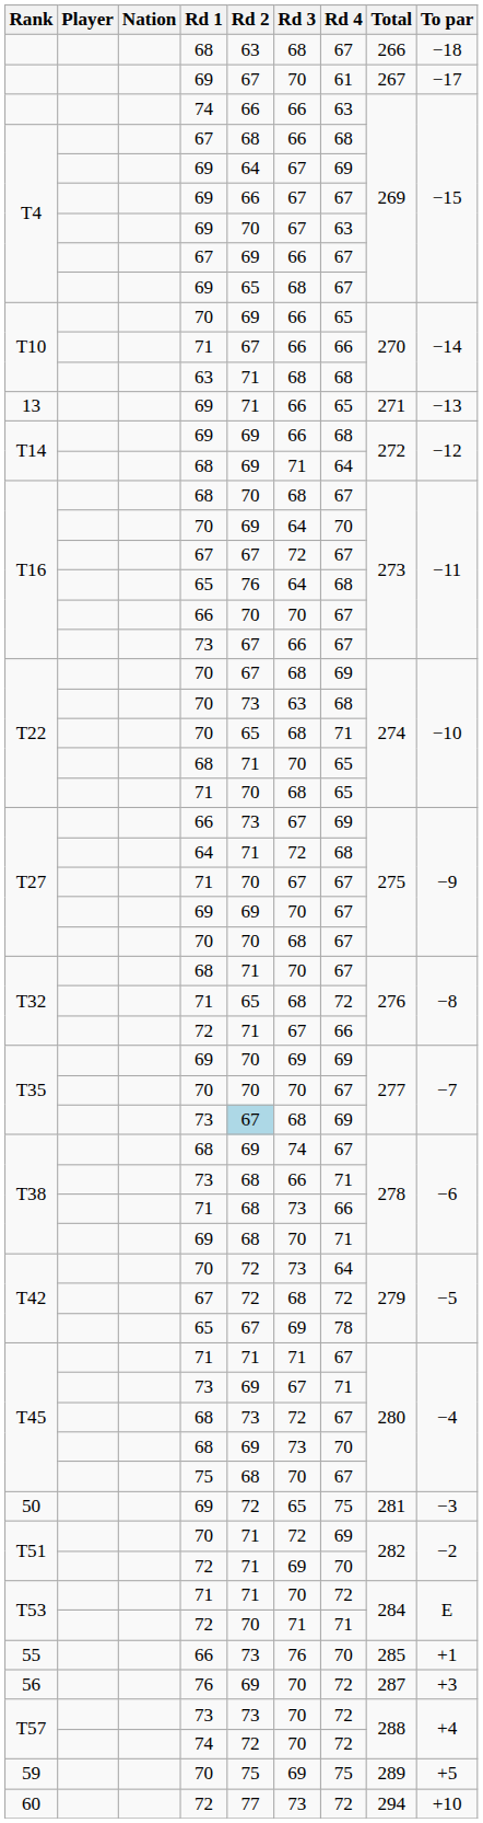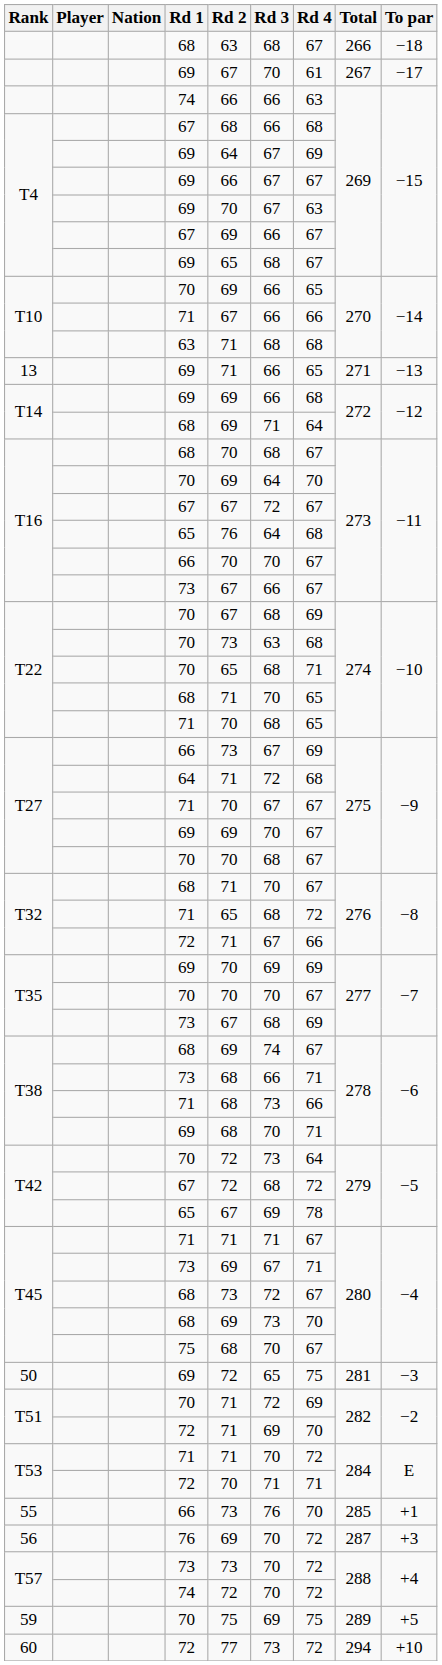 <table class="wikitable sortable" style="text-align:center">
 <tr>
 <th class=unsortable>Rank</th>
 <th>Player</th>
 <th>Nation</th>
 <th>Rd 1</th>
 <th>Rd 2</th>
 <th>Rd 3</th>
 <th>Rd 4</th>
 <th>Total</th>
 <th class=unsortable>To par</th>
 </tr>
 <tr>
 <td></td>
 <td align=left></td>
 <td align=left></td>
 <td>68</td>
 <td>63</td>
 <td>68</td>
 <td>67</td>
 <td>266</td>
 <td>−18</td>
 </tr>
 <tr>
 <td></td>
 <td align=left></td>
 <td align=left></td>
 <td>69</td>
 <td>67</td>
 <td>70</td>
 <td>61</td>
 <td>267</td>
 <td>−17</td>
 </tr>
 <tr>
 <td></td>
 <td align=left></td>
 <td align=left></td>
 <td>74</td>
 <td>66</td>
 <td>66</td>
 <td>63</td>
 <td rowspan=7>269</td>
 <td rowspan=7>−15</td>
 </tr>
 <tr>
 <td rowspan=6>T4</td>
 <td align=left></td>
 <td align=left></td>
 <td>67</td>
 <td>68</td>
 <td>66</td>
 <td>68</td>
 </tr>
 <tr>
 <td align=left></td>
 <td align=left></td>
 <td>69</td>
 <td>64</td>
 <td>67</td>
 <td>69</td>
 </tr>
 <tr>
 <td align=left></td>
 <td align=left></td>
 <td>69</td>
 <td>66</td>
 <td>67</td>
 <td>67</td>
 </tr>
 <tr>
 <td align=left></td>
 <td align=left></td>
 <td>69</td>
 <td>70</td>
 <td>67</td>
 <td>63</td>
 </tr>
 <tr>
 <td align=left></td>
 <td align=left></td>
 <td>67</td>
 <td>69</td>
 <td>66</td>
 <td>67</td>
 </tr>
 <tr>
 <td align=left></td>
 <td align=left></td>
 <td>69</td>
 <td>65</td>
 <td>68</td>
 <td>67</td>
 </tr>
 <tr>
 <td rowspan=3>T10</td>
 <td align=left></td>
 <td align=left></td>
 <td>70</td>
 <td>69</td>
 <td>66</td>
 <td>65</td>
 <td rowspan=3>270</td>
 <td rowspan=3>−14</td>
 </tr>
 <tr>
 <td align=left></td>
 <td align=left></td>
 <td>71</td>
 <td>67</td>
 <td>66</td>
 <td>66</td>
 </tr>
 <tr>
 <td align=left></td>
 <td align=left></td>
 <td>63</td>
 <td>71</td>
 <td>68</td>
 <td>68</td>
 </tr>
 <tr>
 <td>13</td>
 <td align=left></td>
 <td align=left></td>
 <td>69</td>
 <td>71</td>
 <td>66</td>
 <td>65</td>
 <td>271</td>
 <td>−13</td>
 </tr>
 <tr>
 <td rowspan=2>T14</td>
 <td align=left></td>
 <td align=left></td>
 <td>69</td>
 <td>69</td>
 <td>66</td>
 <td>68</td>
 <td rowspan=2>272</td>
 <td rowspan=2>−12</td>
 </tr>
 <tr>
 <td align=left></td>
 <td align=left></td>
 <td>68</td>
 <td>69</td>
 <td>71</td>
 <td>64</td>
 </tr>
 <tr>
 <td rowspan=6>T16</td>
 <td align=left></td>
 <td align=left></td>
 <td>68</td>
 <td>70</td>
 <td>68</td>
 <td>67</td>
 <td rowspan=6>273</td>
 <td rowspan=6>−11</td>
 </tr>
 <tr>
 <td align=left></td>
 <td align=left></td>
 <td>70</td>
 <td>69</td>
 <td>64</td>
 <td>70</td>
 </tr>
 <tr>
 <td align=left></td>
 <td align=left></td>
 <td>67</td>
 <td>67</td>
 <td>72</td>
 <td>67</td>
 </tr>
 <tr>
 <td align=left></td>
 <td align=left></td>
 <td>65</td>
 <td>76</td>
 <td>64</td>
 <td>68</td>
 </tr>
 <tr>
 <td align=left></td>
 <td align=left></td>
 <td>66</td>
 <td>70</td>
 <td>70</td>
 <td>67</td>
 </tr>
 <tr>
 <td align=left></td>
 <td align=left></td>
 <td>73</td>
 <td>67</td>
 <td>66</td>
 <td>67</td>
 </tr>
 <tr>
 <td rowspan=5>T22</td>
 <td align=left></td>
 <td align=left></td>
 <td>70</td>
 <td>67</td>
 <td>68</td>
 <td>69</td>
 <td rowspan=5>274</td>
 <td rowspan=5>−10</td>
 </tr>
 <tr>
 <td align=left></td>
 <td align=left></td>
 <td>70</td>
 <td>73</td>
 <td>63</td>
 <td>68</td>
 </tr>
 <tr>
 <td align=left></td>
 <td align=left></td>
 <td>70</td>
 <td>65</td>
 <td>68</td>
 <td>71</td>
 </tr>
 <tr>
 <td align=left></td>
 <td align=left></td>
 <td>68</td>
 <td>71</td>
 <td>70</td>
 <td>65</td>
 </tr>
 <tr>
 <td align=left></td>
 <td align=left></td>
 <td>71</td>
 <td>70</td>
 <td>68</td>
 <td>65</td>
 </tr>
 <tr>
 <td rowspan=5>T27</td>
 <td align=left></td>
 <td align=left></td>
 <td>66</td>
 <td>73</td>
 <td>67</td>
 <td>69</td>
 <td rowspan=5>275</td>
 <td rowspan=5>−9</td>
 </tr>
 <tr>
 <td align=left></td>
 <td align=left></td>
 <td>64</td>
 <td>71</td>
 <td>72</td>
 <td>68</td>
 </tr>
 <tr>
 <td align=left></td>
 <td align=left></td>
 <td>71</td>
 <td>70</td>
 <td>67</td>
 <td>67</td>
 </tr>
 <tr>
 <td align=left></td>
 <td align=left></td>
 <td>69</td>
 <td>69</td>
 <td>70</td>
 <td>67</td>
 </tr>
 <tr>
 <td align=left></td>
 <td align=left></td>
 <td>70</td>
 <td>70</td>
 <td>68</td>
 <td>67</td>
 </tr>
 <tr>
 <td rowspan=3>T32</td>
 <td align=left></td>
 <td align=left></td>
 <td>68</td>
 <td>71</td>
 <td>70</td>
 <td>67</td>
 <td rowspan=3>276</td>
 <td rowspan=3>−8</td>
 </tr>
 <tr>
 <td align=left></td>
 <td align=left></td>
 <td>71</td>
 <td>65</td>
 <td>68</td>
 <td>72</td>
 </tr>
 <tr>
 <td align=left></td>
 <td align=left></td>
 <td>72</td>
 <td>71</td>
 <td>67</td>
 <td>66</td>
 </tr>
 <tr>
 <td rowspan=3>T35</td>
 <td align=left></td>
 <td align=left></td>
 <td>69</td>
 <td>70</td>
 <td>69</td>
 <td>69</td>
 <td rowspan=3>277</td>
 <td rowspan=3>−7</td>
 </tr>
 <tr>
 <td align=left></td>
 <td align=left></td>
 <td>70</td>
 <td>70</td>
 <td>70</td>
 <td>67</td>
 </tr>
 <tr>
 <td align=left></td>
 <td align=left></td>
 <td>73</td>
-<td style="background: lightblue;">67</td>
+<td>67</td>
 <td>68</td>
 <td>69</td>
 </tr>
 <tr>
 <td rowspan=4>T38</td>
 <td align=left></td>
 <td align=left></td>
 <td>68</td>
 <td>69</td>
 <td>74</td>
 <td>67</td>
 <td rowspan=4>278</td>
 <td rowspan=4>−6</td>
 </tr>
 <tr>
 <td align=left></td>
 <td align=left></td>
 <td>73</td>
 <td>68</td>
 <td>66</td>
 <td>71</td>
 </tr>
 <tr>
 <td align=left></td>
 <td align=left></td>
 <td>71</td>
 <td>68</td>
 <td>73</td>
 <td>66</td>
 </tr>
 <tr>
 <td align=left></td>
 <td align=left></td>
 <td>69</td>
 <td>68</td>
 <td>70</td>
 <td>71</td>
 </tr>
 <tr>
 <td rowspan=3>T42</td>
 <td align=left></td>
 <td align=left></td>
 <td>70</td>
 <td>72</td>
 <td>73</td>
 <td>64</td>
 <td rowspan=3>279</td>
 <td rowspan=3>−5</td>
 </tr>
 <tr>
 <td align=left></td>
 <td align=left></td>
 <td>67</td>
 <td>72</td>
 <td>68</td>
 <td>72</td>
 </tr>
 <tr>
 <td align=left></td>
 <td align=left></td>
 <td>65</td>
 <td>67</td>
 <td>69</td>
 <td>78</td>
 </tr>
 <tr>
 <td rowspan=5>T45</td>
 <td align=left></td>
 <td align=left></td>
 <td>71</td>
 <td>71</td>
 <td>71</td>
 <td>67</td>
 <td rowspan=5>280</td>
 <td rowspan=5>−4</td>
 </tr>
 <tr>
 <td align=left></td>
 <td align=left></td>
 <td>73</td>
 <td>69</td>
 <td>67</td>
 <td>71</td>
 </tr>
 <tr>
 <td align=left></td>
 <td align=left></td>
 <td>68</td>
 <td>73</td>
 <td>72</td>
 <td>67</td>
 </tr>
 <tr>
 <td align=left></td>
 <td align=left></td>
 <td>68</td>
 <td>69</td>
 <td>73</td>
 <td>70</td>
 </tr>
 <tr>
 <td align=left></td>
 <td align=left></td>
 <td>75</td>
 <td>68</td>
 <td>70</td>
 <td>67</td>
 </tr>
 <tr>
 <td>50</td>
 <td align=left></td>
 <td align=left></td>
 <td>69</td>
 <td>72</td>
 <td>65</td>
 <td>75</td>
 <td>281</td>
 <td>−3</td>
 </tr>
 <tr>
 <td rowspan=2>T51</td>
 <td align=left></td>
 <td align=left></td>
 <td>70</td>
 <td>71</td>
 <td>72</td>
 <td>69</td>
 <td rowspan=2>282</td>
 <td rowspan=2>−2</td>
 </tr>
 <tr>
 <td align=left></td>
 <td align=left></td>
 <td>72</td>
 <td>71</td>
 <td>69</td>
 <td>70</td>
 </tr>
 <tr>
 <td rowspan=2>T53</td>
 <td align=left></td>
 <td align=left></td>
 <td>71</td>
 <td>71</td>
 <td>70</td>
 <td>72</td>
 <td rowspan=2>284</td>
 <td rowspan=2>E</td>
 </tr>
 <tr>
 <td align=left></td>
 <td align=left></td>
 <td>72</td>
 <td>70</td>
 <td>71</td>
 <td>71</td>
 </tr>
 <tr>
 <td>55</td>
 <td align=left></td>
 <td align=left></td>
 <td>66</td>
 <td>73</td>
 <td>76</td>
 <td>70</td>
 <td>285</td>
 <td>+1</td>
 </tr>
 <tr>
 <td>56</td>
 <td align=left></td>
 <td align=left></td>
 <td>76</td>
 <td>69</td>
 <td>70</td>
 <td>72</td>
 <td>287</td>
 <td>+3</td>
 </tr>
 <tr>
 <td rowspan=2>T57</td>
 <td align=left></td>
 <td align=left></td>
 <td>73</td>
 <td>73</td>
 <td>70</td>
 <td>72</td>
 <td rowspan=2>288</td>
 <td rowspan=2>+4</td>
 </tr>
 <tr>
 <td align=left></td>
 <td align=left></td>
 <td>74</td>
 <td>72</td>
 <td>70</td>
 <td>72</td>
 </tr>
 <tr>
 <td>59</td>
 <td align=left></td>
 <td align=left></td>
 <td>70</td>
 <td>75</td>
 <td>69</td>
 <td>75</td>
 <td>289</td>
 <td>+5</td>
 </tr>
 <tr>
 <td>60</td>
 <td align=left></td>
 <td align=left></td>
 <td>72</td>
 <td>77</td>
 <td>73</td>
 <td>72</td>
 <td>294</td>
 <td>+10</td>
 </tr>
 </table>
